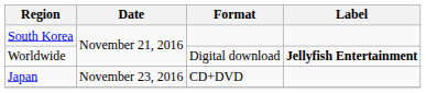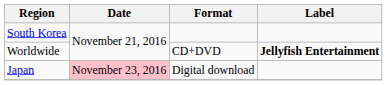 <table class = "wikitable">
 <tr>
 <th>Region</th>
 <th>Date</th>
 <th>Format</th>
 <th>Label</th>
 </tr>
 <tr>
 <td><a href='#'>South Korea</a></td>
 <td rowspan=2>November 21, 2016</td>
 <td></td>
 <td></td>
 </tr>
 <tr>
 <td>Worldwide</td>
-<td>Digital download</td>
+<td>CD+DVD</td>
 <td><strong>Jellyfish Entertainment</strong></td>
 </tr>
 <tr>
 <td><a href='#'>Japan</a></td>
-<td>November 23, 2016</td>
-<td>CD+DVD</td>
+<td style="background: pink;">November 23, 2016</td>
+<td>Digital download</td>
 <td></td>
 </tr>
 <tr>
 </tr>
 </table>
